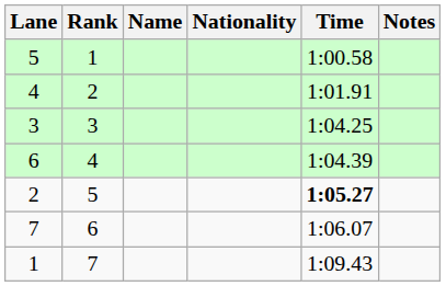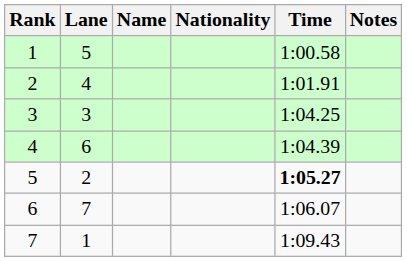 <table class="wikitable sortable" style="text-align:center">
 <tr>
+<th>Rank</th>
 <th>Lane</th>
-<th>Rank</th>
 <th>Name</th>
 <th>Nationality</th>
 <th>Time</th>
 <th>Notes</th>
 </tr>
 <tr bgcolor=ccffcc>
+<td>1</td>
 <td>5</td>
-<td>1</td>
 <td align=left></td>
 <td align=left></td>
 <td>1:00.58</td>
 <td><strong></strong></td>
 </tr>
 <tr bgcolor=ccffcc>
+<td>2</td>
 <td>4</td>
-<td>2</td>
 <td align=left></td>
 <td align=left></td>
 <td>1:01.91</td>
 <td><strong></strong></td>
 </tr>
 <tr bgcolor=ccffcc>
 <td>3</td>
 <td>3</td>
 <td align=left></td>
 <td align=left></td>
 <td>1:04.25</td>
 <td><strong></strong></td>
 </tr>
 <tr bgcolor=ccffcc>
+<td>4</td>
 <td>6</td>
-<td>4</td>
 <td align=left></td>
 <td align=left></td>
 <td>1:04.39</td>
 <td><strong></strong></td>
 </tr>
 <tr>
+<td>5</td>
 <td>2</td>
-<td>5</td>
 <td align=left></td>
 <td align=left></td>
 <td><strong>1:05.27</strong></td>
 <td></td>
 </tr>
 <tr>
+<td>6</td>
 <td>7</td>
-<td>6</td>
 <td align=left></td>
 <td align=left></td>
 <td>1:06.07</td>
 <td></td>
 </tr>
 <tr>
+<td>7</td>
 <td>1</td>
-<td>7</td>
 <td align=left></td>
 <td align=left></td>
 <td>1:09.43</td>
 <td></td>
 </tr>
 </table>
